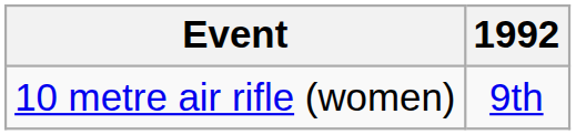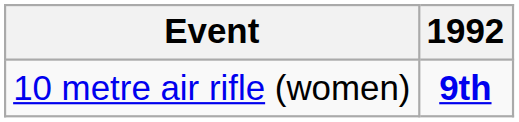 <table class="wikitable" style="text-align: center">
 <tr>
 <th>Event</th>
 <th>1992</th>
 </tr>
 <tr>
 <td align=left><a href='#'>10 metre air rifle</a> (women)</td>
-<td><a href='#'>9th</a></td>
+<td><strong><a href='#'>9th</a></strong></td>
 </tr>
 </table>
